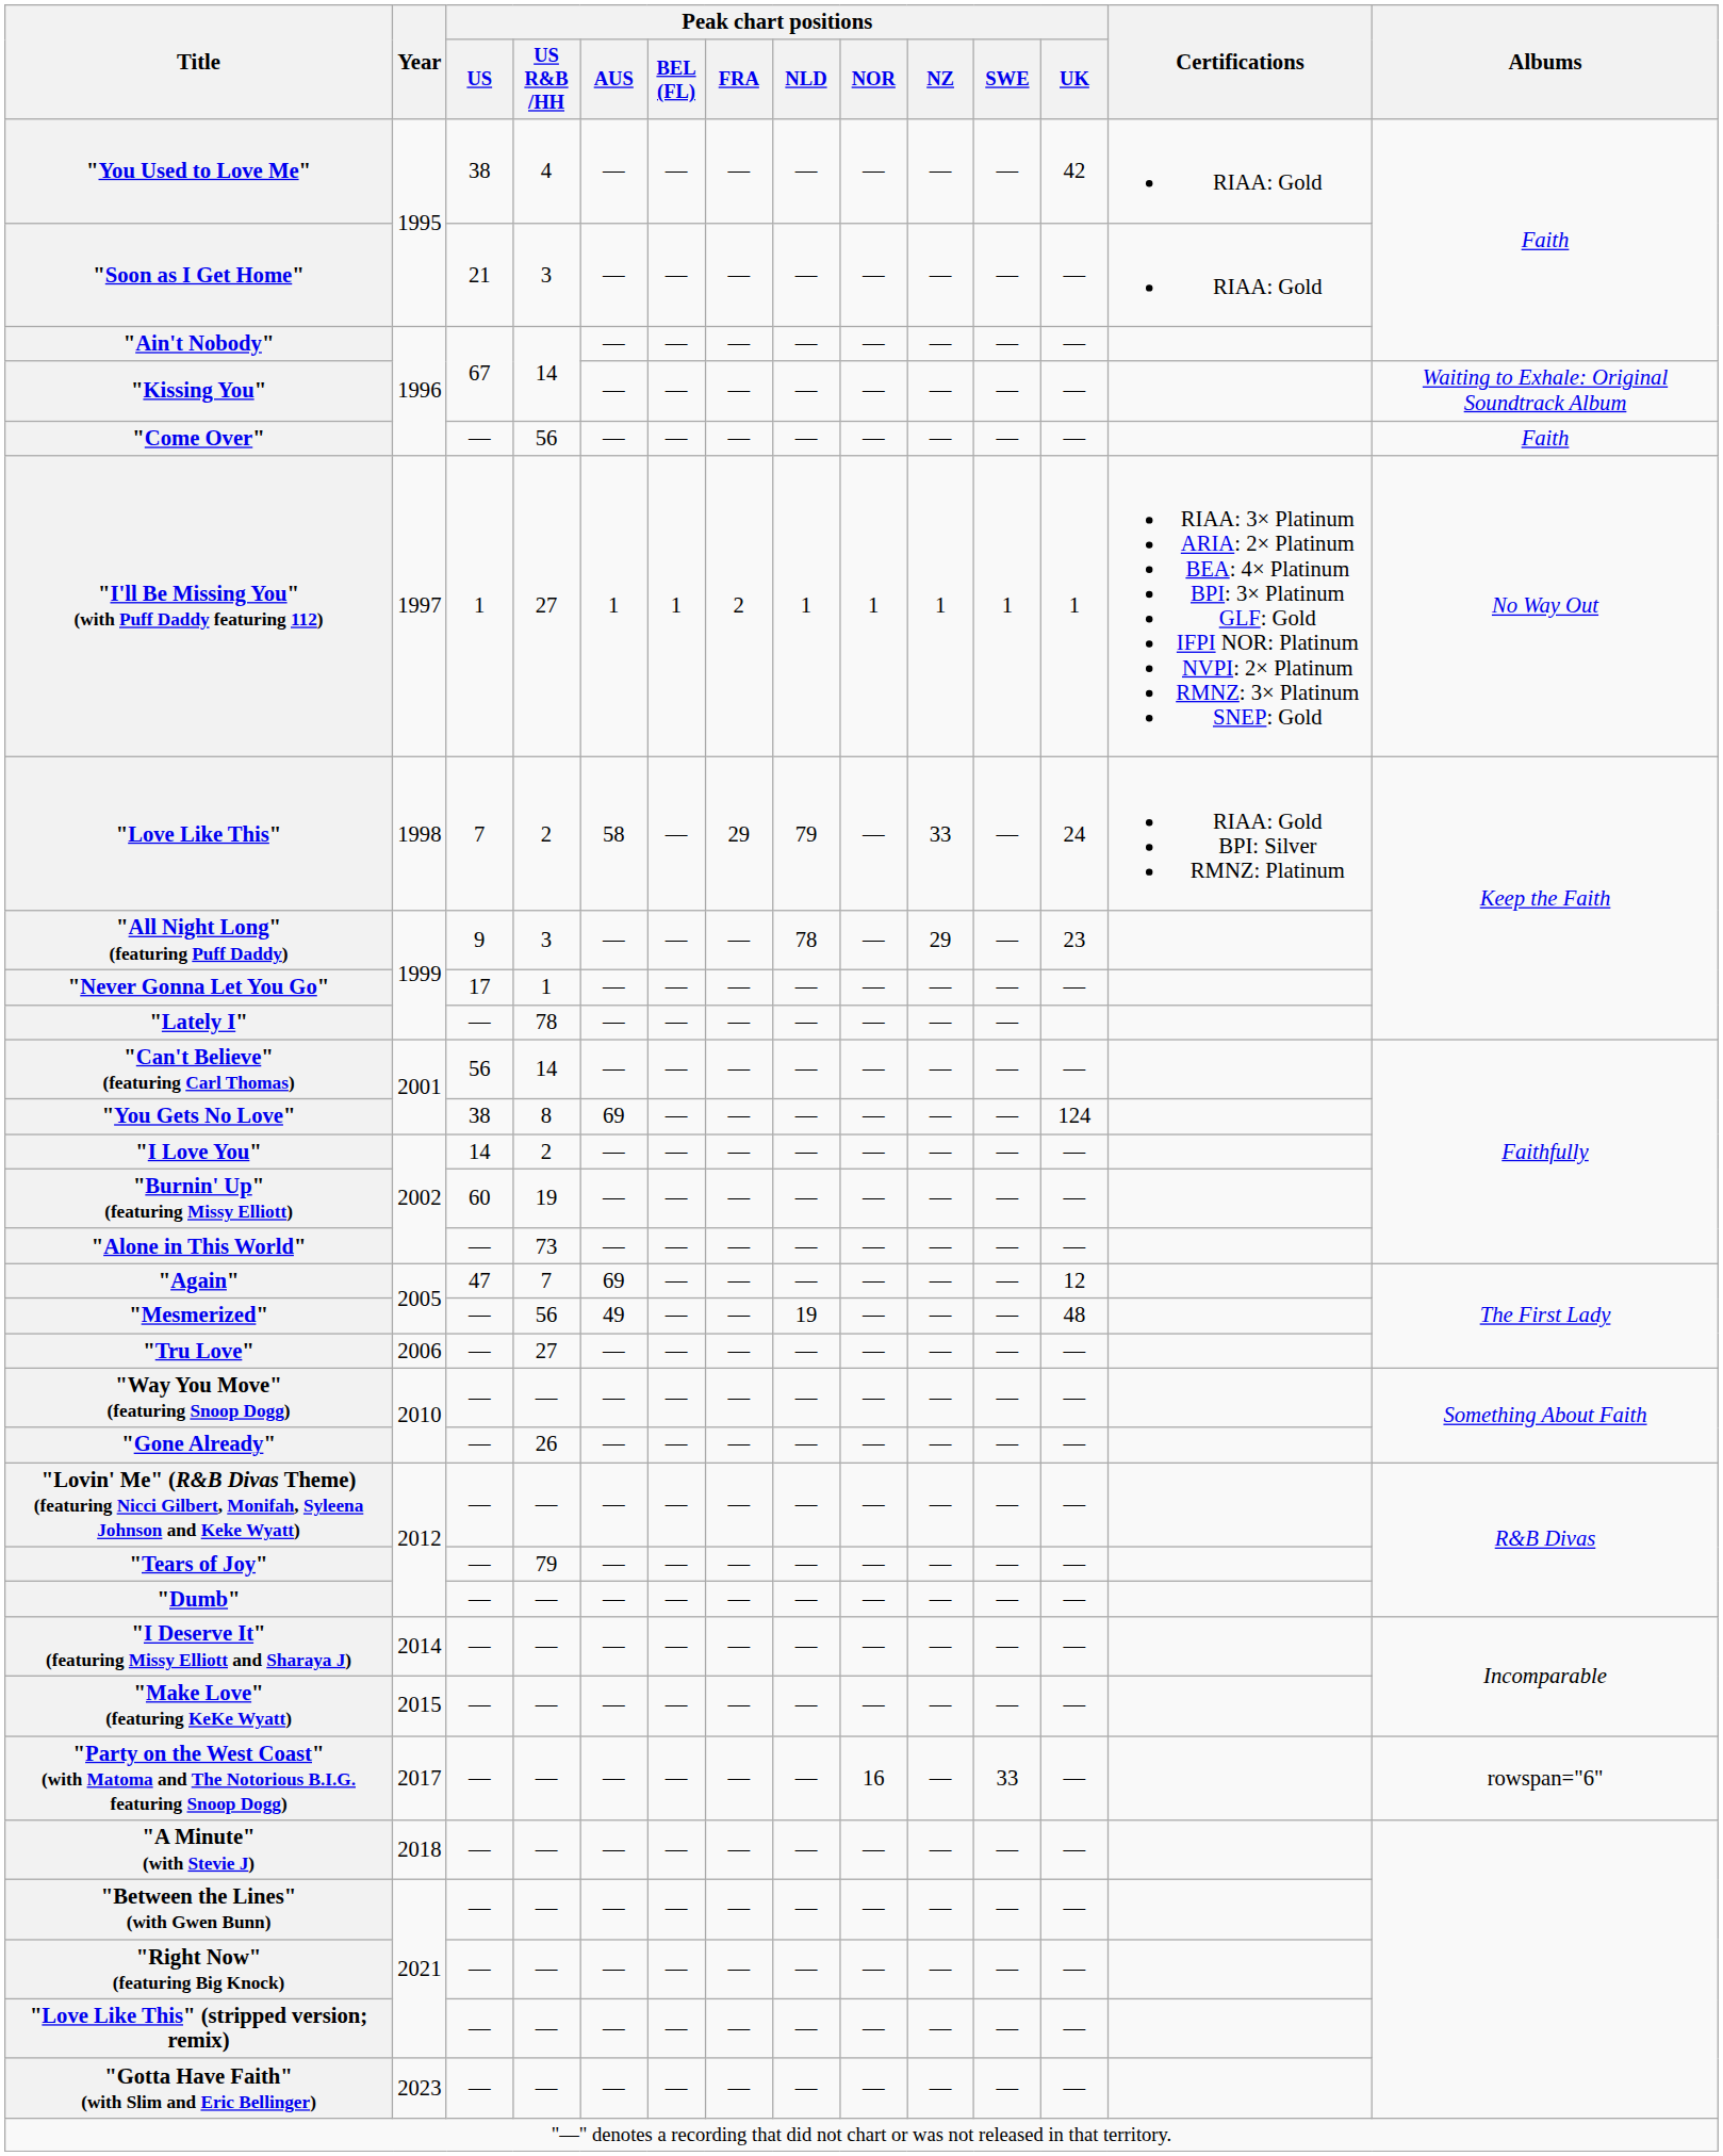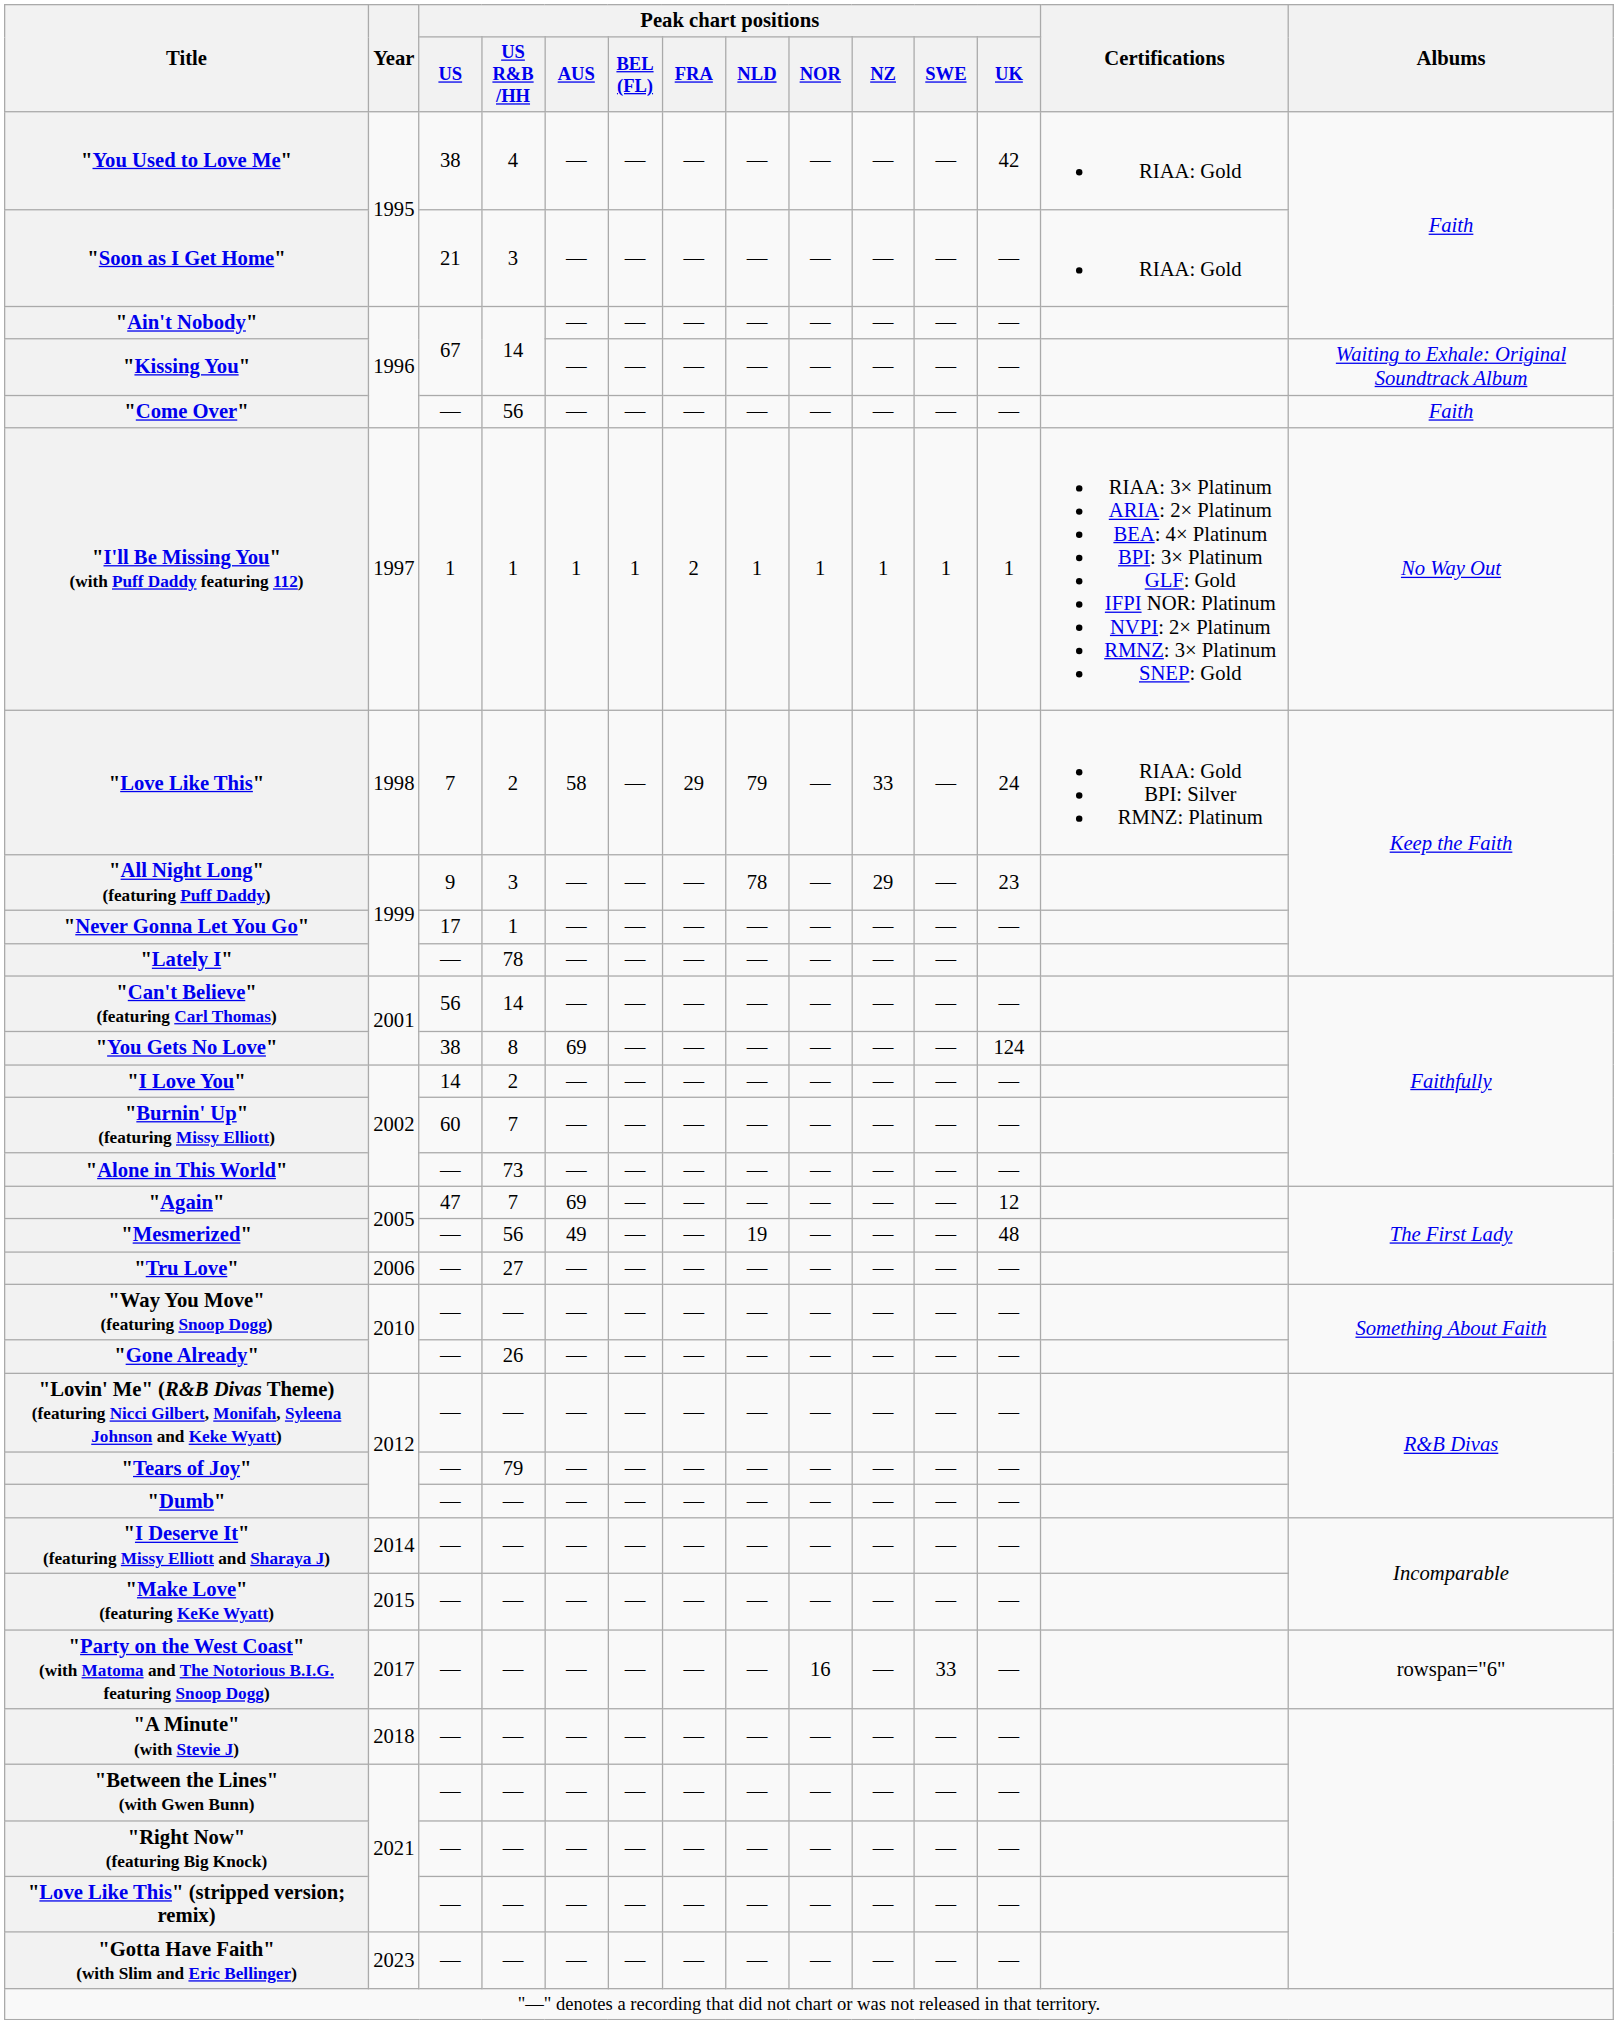 <table class="wikitable plainrowheaders" style="text-align:center;">
 <tr>
 <th scope="col" rowspan="2" style="width:18em;">Title</th>
 <th scope="col" rowspan="2" style="width:1em;">Year</th>
 <th scope="col" colspan="10">Peak chart positions</th>
 <th scope="col" rowspan="2" style="width:12em;">Certifications</th>
 <th scope="col" rowspan="2" style="width:16em;">Albums</th>
 </tr>
 <tr>
 <th scope="col" style="width:3em;font-size:90%;"><a href='#'>US</a><br></th>
 <th scope="col" style="width:3em;font-size:90%;"><a href='#'>US R&B<br>/HH</a><br></th>
 <th scope="col" style="width:3em;font-size:90%;"><a href='#'>AUS</a><br></th>
 <th scope="col" style="width:2.5em;font-size:90%;"><a href='#'>BEL (FL)</a><br></th>
 <th scope="col" style="width:3em;font-size:90%;"><a href='#'>FRA</a><br></th>
 <th scope="col" style="width:3em;font-size:90%;"><a href='#'>NLD</a><br></th>
 <th scope="col" style="width:3em;font-size:90%;"><a href='#'>NOR</a><br></th>
 <th scope="col" style="width:3em;font-size:90%;"><a href='#'>NZ</a><br></th>
 <th scope="col" style="width:3em;font-size:90%;"><a href='#'>SWE</a><br></th>
 <th scope="col" style="width:3em;font-size:90%;"><a href='#'>UK</a><br></th>
 </tr>
 <tr>
 <th scope="row">"<a href='#'>You Used to Love Me</a>"</th>
 <td rowspan="2">1995</td>
 <td>38</td>
 <td>4</td>
 <td>—</td>
 <td>—</td>
 <td>—</td>
 <td>—</td>
 <td>—</td>
 <td>—</td>
 <td>—</td>
 <td>42</td>
 <td><br><ul><li>RIAA: Gold</li></ul></td>
 <td rowspan="3"><em><a href='#'>Faith</a></em></td>
 </tr>
 <tr>
 <th scope="row">"<a href='#'>Soon as I Get Home</a>"</th>
 <td>21</td>
 <td>3</td>
 <td>—</td>
 <td>—</td>
 <td>—</td>
 <td>—</td>
 <td>—</td>
 <td>—</td>
 <td>—</td>
 <td>—</td>
 <td><br><ul><li>RIAA: Gold</li></ul></td>
 </tr>
 <tr>
 <th scope="row">"<a href='#'>Ain't Nobody</a>"</th>
 <td rowspan="3">1996</td>
 <td rowspan="2">67</td>
 <td rowspan="2">14</td>
 <td>—</td>
 <td>—</td>
 <td>—</td>
 <td>—</td>
 <td>—</td>
 <td>—</td>
 <td>—</td>
 <td>—</td>
 <td></td>
 </tr>
 <tr>
 <th scope="row">"<a href='#'>Kissing You</a>"</th>
 <td>—</td>
 <td>—</td>
 <td>—</td>
 <td>—</td>
 <td>—</td>
 <td>—</td>
 <td>—</td>
 <td>—</td>
 <td></td>
 <td><em><a href='#'>Waiting to Exhale: Original Soundtrack Album</a></em></td>
 </tr>
 <tr>
 <th scope="row">"<a href='#'>Come Over</a>"</th>
 <td>—</td>
 <td>56</td>
 <td>—</td>
 <td>—</td>
 <td>—</td>
 <td>—</td>
 <td>—</td>
 <td>—</td>
 <td>—</td>
 <td>—</td>
 <td></td>
 <td><em><a href='#'>Faith</a></em></td>
 </tr>
 <tr>
 <th scope="row">"<a href='#'>I'll Be Missing You</a>" <br><small>(with <a href='#'>Puff Daddy</a> featuring <a href='#'>112</a>)</small></th>
 <td>1997</td>
 <td>1</td>
-<td>27</td>
+<td>1</td>
 <td>1</td>
 <td>1</td>
 <td>2</td>
 <td>1</td>
 <td>1</td>
 <td>1</td>
 <td>1</td>
 <td>1</td>
 <td><br><ul><li>RIAA: 3× Platinum</li><li><a href='#'>ARIA</a>: 2× Platinum</li><li><a href='#'>BEA</a>: 4× Platinum</li><li><a href='#'>BPI</a>: 3× Platinum</li><li><a href='#'>GLF</a>: Gold</li><li><a href='#'>IFPI</a> NOR: Platinum</li><li><a href='#'>NVPI</a>: 2× Platinum</li><li><a href='#'>RMNZ</a>: 3× Platinum</li><li><a href='#'>SNEP</a>: Gold</li></ul></td>
 <td><em><a href='#'>No Way Out</a></em></td>
 </tr>
 <tr>
 <th scope="row">"<a href='#'>Love Like This</a>"</th>
 <td>1998</td>
 <td>7</td>
 <td>2</td>
 <td>58</td>
 <td>—</td>
 <td>29</td>
 <td>79</td>
 <td>—</td>
 <td>33</td>
 <td>—</td>
 <td>24</td>
 <td><br><ul><li>RIAA: Gold</li><li>BPI: Silver</li><li>RMNZ: Platinum</li></ul></td>
 <td rowspan="4"><em><a href='#'>Keep the Faith</a></em></td>
 </tr>
 <tr>
 <th scope="row">"<a href='#'>All Night Long</a>" <br><small>(featuring <a href='#'>Puff Daddy</a>)</small></th>
 <td rowspan="3">1999</td>
 <td>9</td>
 <td>3</td>
 <td>—</td>
 <td>—</td>
 <td>—</td>
 <td>78</td>
 <td>—</td>
 <td>29</td>
 <td>—</td>
 <td>23</td>
 <td></td>
 </tr>
 <tr>
 <th scope="row">"<a href='#'>Never Gonna Let You Go</a>"</th>
 <td>17</td>
 <td>1</td>
 <td>—</td>
 <td>—</td>
 <td>—</td>
 <td>—</td>
 <td>—</td>
 <td>—</td>
 <td>—</td>
 <td>—</td>
 <td></td>
 </tr>
 <tr>
 <th scope="row">"<a href='#'>Lately I</a>"</th>
 <td>—</td>
 <td>78</td>
 <td>—</td>
 <td>—</td>
 <td>—</td>
 <td>—</td>
 <td>—</td>
 <td>—</td>
 <td>—</td>
 <td></td>
 </tr>
 <tr>
 <th scope="row">"<a href='#'>Can't Believe</a>" <br><small>(featuring <a href='#'>Carl Thomas</a>)</small></th>
 <td rowspan="2">2001</td>
 <td>56</td>
 <td>14</td>
 <td>—</td>
 <td>—</td>
 <td>—</td>
 <td>—</td>
 <td>—</td>
 <td>—</td>
 <td>—</td>
 <td>—</td>
 <td></td>
 <td rowspan="5"><em><a href='#'>Faithfully</a></em></td>
 </tr>
 <tr>
 <th scope="row">"<a href='#'>You Gets No Love</a>"</th>
 <td>38</td>
 <td>8</td>
 <td>69</td>
 <td>—</td>
 <td>—</td>
 <td>—</td>
 <td>—</td>
 <td>—</td>
 <td>—</td>
 <td>124</td>
 <td></td>
 </tr>
 <tr>
 <th scope="row">"<a href='#'>I Love You</a>"</th>
 <td rowspan="3">2002</td>
 <td>14</td>
 <td>2</td>
 <td>—</td>
 <td>—</td>
 <td>—</td>
 <td>—</td>
 <td>—</td>
 <td>—</td>
 <td>—</td>
 <td>—</td>
 <td></td>
 </tr>
 <tr>
 <th scope="row">"<a href='#'>Burnin' Up</a>" <br><small>(featuring <a href='#'>Missy Elliott</a>)</small></th>
 <td>60</td>
-<td>19</td>
+<td>7</td>
 <td>—</td>
 <td>—</td>
 <td>—</td>
 <td>—</td>
 <td>—</td>
 <td>—</td>
 <td>—</td>
 <td>—</td>
 <td></td>
 </tr>
 <tr>
 <th scope="row">"<a href='#'>Alone in This World</a>"</th>
 <td>—</td>
 <td>73</td>
 <td>—</td>
 <td>—</td>
 <td>—</td>
 <td>—</td>
 <td>—</td>
 <td>—</td>
 <td>—</td>
 <td>—</td>
 <td></td>
 </tr>
 <tr>
 <th scope="row">"<a href='#'>Again</a>"</th>
 <td rowspan="2">2005</td>
 <td>47</td>
 <td>7</td>
 <td>69</td>
 <td>—</td>
 <td>—</td>
 <td>—</td>
 <td>—</td>
 <td>—</td>
 <td>—</td>
 <td>12</td>
 <td></td>
 <td rowspan="3"><em><a href='#'>The First Lady</a></em></td>
 </tr>
 <tr>
 <th scope="row">"<a href='#'>Mesmerized</a>"</th>
 <td>—</td>
 <td>56</td>
 <td>49</td>
 <td>—</td>
 <td>—</td>
 <td>19</td>
 <td>—</td>
 <td>—</td>
 <td>—</td>
 <td>48</td>
 <td></td>
 </tr>
 <tr>
 <th scope="row">"<a href='#'>Tru Love</a>"</th>
 <td>2006</td>
 <td>—</td>
 <td>27</td>
 <td>—</td>
 <td>—</td>
 <td>—</td>
 <td>—</td>
 <td>—</td>
 <td>—</td>
 <td>—</td>
 <td>—</td>
 <td></td>
 </tr>
 <tr>
 <th scope="row">"Way You Move" <br><small>(featuring <a href='#'>Snoop Dogg</a>)</small></th>
 <td rowspan="2">2010</td>
 <td>—</td>
 <td>—</td>
 <td>—</td>
 <td>—</td>
 <td>—</td>
 <td>—</td>
 <td>—</td>
 <td>—</td>
 <td>—</td>
 <td>—</td>
 <td></td>
 <td rowspan="2"><em><a href='#'>Something About Faith</a></em></td>
 </tr>
 <tr>
 <th scope="row">"<a href='#'>Gone Already</a>"</th>
 <td>—</td>
 <td>26</td>
 <td>—</td>
 <td>—</td>
 <td>—</td>
 <td>—</td>
 <td>—</td>
 <td>—</td>
 <td>—</td>
 <td>—</td>
 <td></td>
 </tr>
 <tr>
 <th scope="row">"Lovin' Me" (<em>R&B Divas</em> Theme)<br> <small>(featuring <a href='#'>Nicci Gilbert</a>, <a href='#'>Monifah</a>, <a href='#'>Syleena Johnson</a> and <a href='#'>Keke Wyatt</a>)</small></th>
 <td rowspan="3">2012</td>
 <td>—</td>
 <td>—</td>
 <td>—</td>
 <td>—</td>
 <td>—</td>
 <td>—</td>
 <td>—</td>
 <td>—</td>
 <td>—</td>
 <td>—</td>
 <td></td>
 <td rowspan="3"><em><a href='#'>R&B Divas</a></em></td>
 </tr>
 <tr>
 <th scope="row">"<a href='#'>Tears of Joy</a>"</th>
 <td>—</td>
 <td>79</td>
 <td>—</td>
 <td>—</td>
 <td>—</td>
 <td>—</td>
 <td>—</td>
 <td>—</td>
 <td>—</td>
 <td>—</td>
 <td></td>
 </tr>
 <tr>
 <th scope="row">"<a href='#'>Dumb</a>"</th>
 <td>—</td>
 <td>—</td>
 <td>—</td>
 <td>—</td>
 <td>—</td>
 <td>—</td>
 <td>—</td>
 <td>—</td>
 <td>—</td>
 <td>—</td>
 <td></td>
 </tr>
 <tr>
 <th scope="row">"<a href='#'>I Deserve It</a>" <br><small>(featuring <a href='#'>Missy Elliott</a> and <a href='#'>Sharaya J</a>)</small></th>
 <td>2014</td>
 <td>—</td>
 <td>—</td>
 <td>—</td>
 <td>—</td>
 <td>—</td>
 <td>—</td>
 <td>—</td>
 <td>—</td>
 <td>—</td>
 <td>—</td>
 <td></td>
 <td rowspan="2"><em>Incomparable</em></td>
 </tr>
 <tr>
 <th scope="row">"<a href='#'>Make Love</a>" <br><small>(featuring <a href='#'>KeKe Wyatt</a>)</small></th>
 <td>2015</td>
 <td>—</td>
 <td>—</td>
 <td>—</td>
 <td>—</td>
 <td>—</td>
 <td>—</td>
 <td>—</td>
 <td>—</td>
 <td>—</td>
 <td>—</td>
 <td></td>
 </tr>
 <tr>
 <th scope="row">"<a href='#'>Party on the West Coast</a>"<br><small>(with <a href='#'>Matoma</a> and <a href='#'>The Notorious B.I.G.</a> featuring <a href='#'>Snoop Dogg</a>)</small></th>
 <td>2017</td>
 <td>—</td>
 <td>—</td>
 <td>—</td>
 <td>—</td>
 <td>—</td>
 <td>—</td>
 <td>16</td>
 <td>—</td>
 <td>33</td>
 <td>—</td>
 <td></td>
 <td>rowspan="6" </td>
 </tr>
 <tr>
 <th scope="row">"A Minute"<br><small>(with <a href='#'>Stevie J</a>)</small></th>
 <td>2018</td>
 <td>—</td>
 <td>—</td>
 <td>—</td>
 <td>—</td>
 <td>—</td>
 <td>—</td>
 <td>—</td>
 <td>—</td>
 <td>—</td>
 <td>—</td>
 <td></td>
 </tr>
 <tr>
 <th scope="row">"Between the Lines"<br><small>(with Gwen Bunn)</small></th>
 <td rowspan="3">2021</td>
 <td>—</td>
 <td>—</td>
 <td>—</td>
 <td>—</td>
 <td>—</td>
 <td>—</td>
 <td>—</td>
 <td>—</td>
 <td>—</td>
 <td>—</td>
 <td></td>
 </tr>
 <tr>
 <th scope="row">"Right Now"<br><small>(featuring Big Knock)</small></th>
 <td>—</td>
 <td>—</td>
 <td>—</td>
 <td>—</td>
 <td>—</td>
 <td>—</td>
 <td>—</td>
 <td>—</td>
 <td>—</td>
 <td>—</td>
 <td></td>
 </tr>
 <tr>
 <th scope="row">"<a href='#'>Love Like This</a>" (stripped version; remix)</th>
 <td>—</td>
 <td>—</td>
 <td>—</td>
 <td>—</td>
 <td>—</td>
 <td>—</td>
 <td>—</td>
 <td>—</td>
 <td>—</td>
 <td>—</td>
 <td></td>
 </tr>
 <tr>
 <th scope="row">"Gotta Have Faith"<br><small>(with Slim and <a href='#'>Eric Bellinger</a>)</small></th>
 <td>2023</td>
 <td>—</td>
 <td>—</td>
 <td>—</td>
 <td>—</td>
 <td>—</td>
 <td>—</td>
 <td>—</td>
 <td>—</td>
 <td>—</td>
 <td>—</td>
 <td></td>
 </tr>
 <tr>
 <td colspan="15" style="font-size:90%">"—" denotes a recording that did not chart or was not released in that territory.</td>
 </tr>
 </table>
